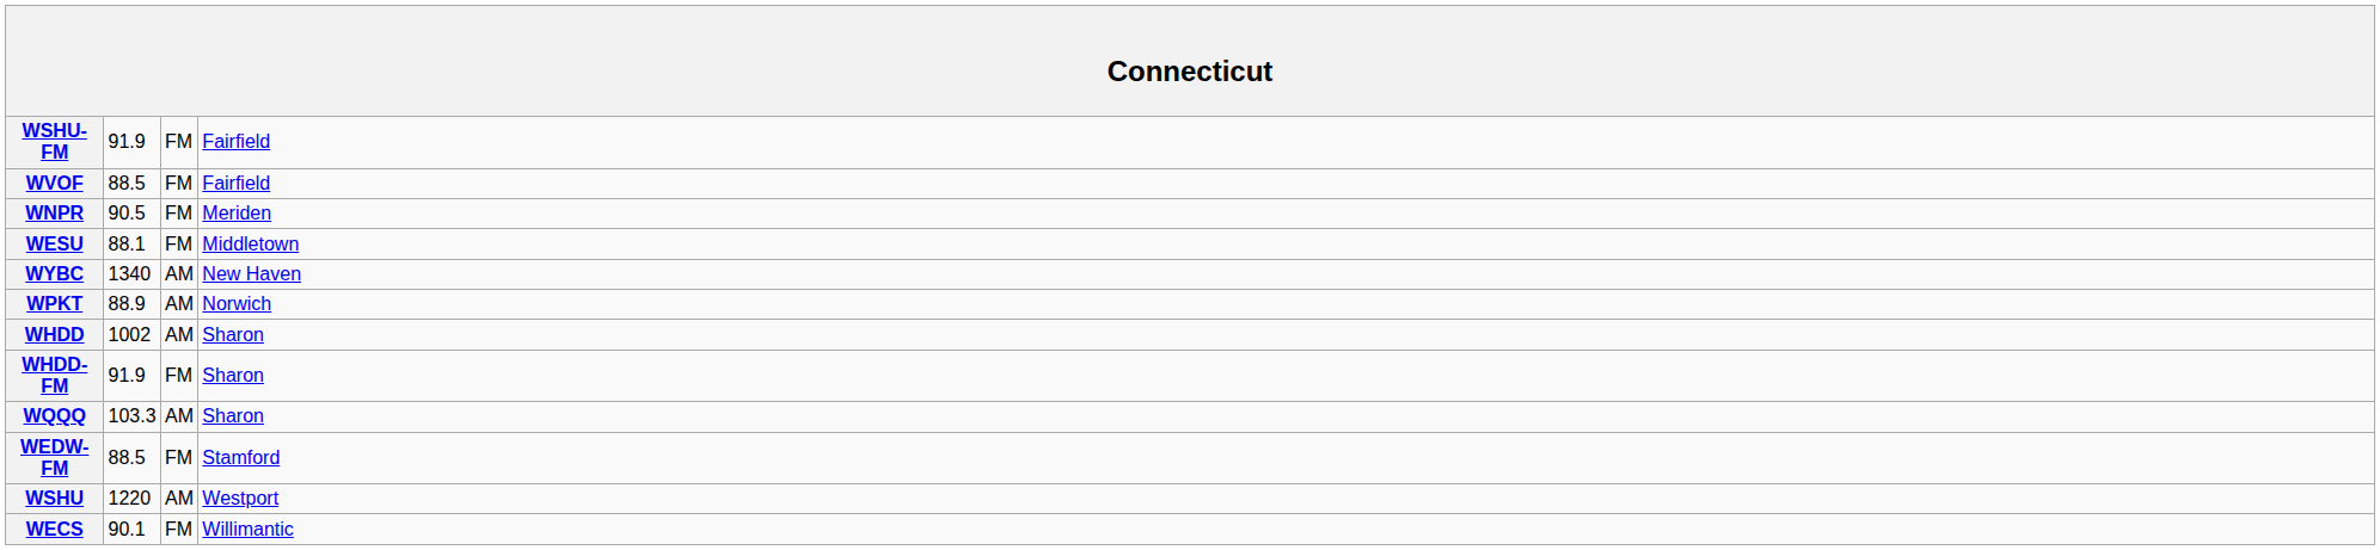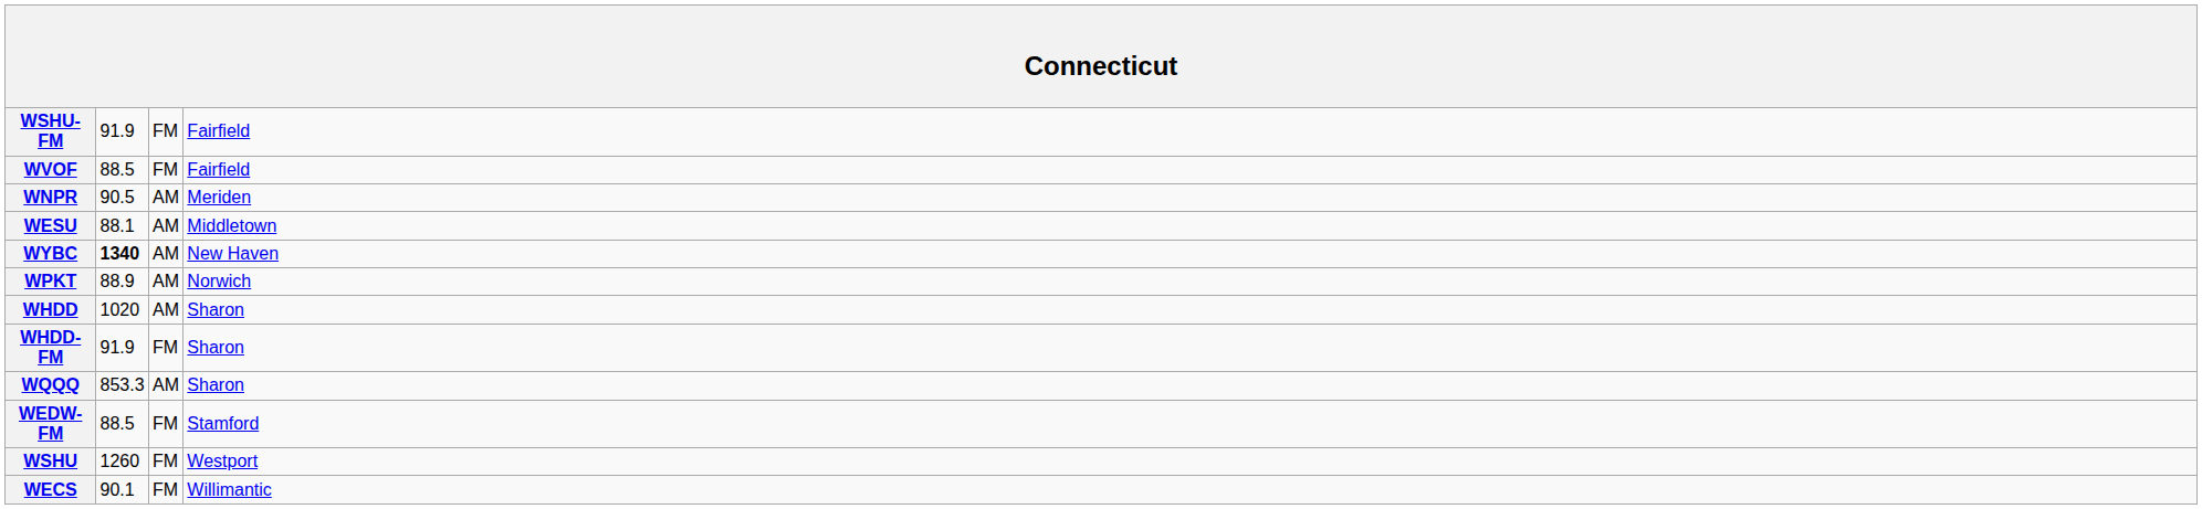 <table class="wikitable mw-collapsible" style="width:100%">
 <tr>
 <th scope="col" colspan="4"><br><h2>Connecticut</h2></th>
 </tr>
 <tr>
 <th scope="row" style="width: 75px;"><a href='#'>WSHU-FM</a></th>
 <td style="width: 40px;">91.9</td>
 <td style="width: 21px;">FM</td>
 <td><a href='#'>Fairfield</a></td>
 </tr>
 <tr>
 <th scope="row"><a href='#'>WVOF</a></th>
 <td>88.5</td>
 <td>FM</td>
 <td><a href='#'>Fairfield</a></td>
 </tr>
 <tr>
 <th scope="row"><a href='#'>WNPR</a></th>
 <td>90.5</td>
-<td>FM</td>
+<td>AM</td>
 <td><a href='#'>Meriden</a></td>
 </tr>
 <tr>
 <th scope="row"><a href='#'>WESU</a></th>
 <td>88.1</td>
-<td>FM</td>
+<td>AM</td>
 <td><a href='#'>Middletown</a></td>
 </tr>
 <tr>
 <th scope="row"><a href='#'>WYBC</a></th>
-<td>1340</td>
+<td><strong>1340</strong></td>
 <td>AM</td>
 <td><a href='#'>New Haven</a></td>
 </tr>
 <tr>
 <th scope="row"><a href='#'>WPKT</a></th>
 <td>88.9</td>
 <td>AM</td>
 <td><a href='#'>Norwich</a></td>
 </tr>
 <tr>
 <th scope="row"><a href='#'>WHDD</a></th>
-<td>1002</td>
+<td>1020</td>
 <td>AM</td>
 <td><a href='#'>Sharon</a></td>
 </tr>
 <tr>
 <th scope="row"><a href='#'>WHDD-FM</a></th>
 <td>91.9</td>
 <td>FM</td>
 <td><a href='#'>Sharon</a></td>
 </tr>
 <tr>
 <th scope="row"><a href='#'>WQQQ</a></th>
-<td>103.3</td>
+<td>853.3</td>
 <td>AM</td>
 <td><a href='#'>Sharon</a></td>
 </tr>
 <tr>
 <th scope="row"><a href='#'>WEDW-FM</a></th>
 <td>88.5</td>
 <td>FM</td>
 <td><a href='#'>Stamford</a></td>
 </tr>
 <tr>
 <th scope="row"><a href='#'>WSHU</a></th>
-<td>1220</td>
-<td>AM</td>
+<td>1260</td>
+<td>FM</td>
 <td><a href='#'>Westport</a></td>
 </tr>
 <tr>
 <th scope="row"><a href='#'>WECS</a></th>
 <td>90.1</td>
 <td>FM</td>
 <td><a href='#'>Willimantic</a></td>
 </tr>
 </table>
